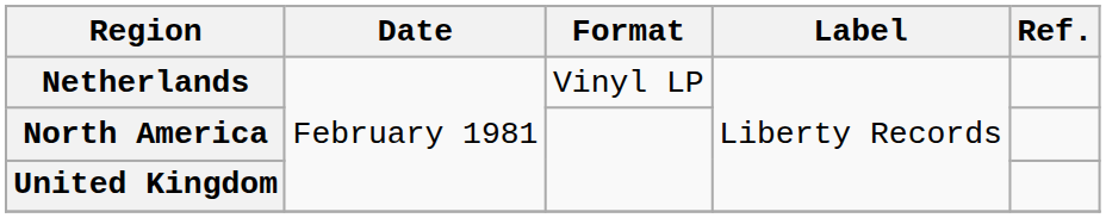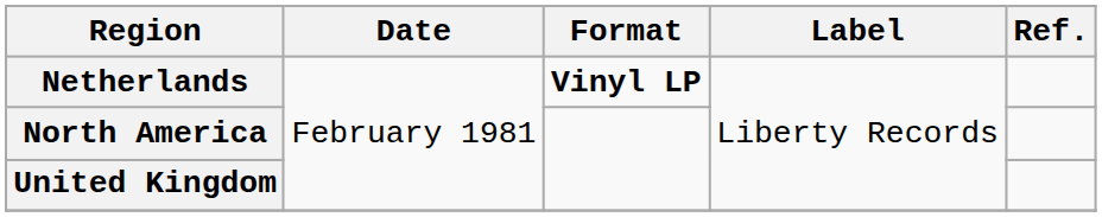 <table class="wikitable plainrowheaders">
 <tr>
 <th scope="col">Region</th>
 <th scope="col">Date</th>
 <th scope="col">Format</th>
 <th scope="col">Label</th>
 <th scope="col">Ref.</th>
 </tr>
 <tr>
 <th scope="row">Netherlands</th>
 <td rowspan="3">February 1981</td>
-<td>Vinyl LP</td>
+<td><strong>Vinyl LP</strong></td>
 <td rowspan="3">Liberty Records</td>
 <td></td>
 </tr>
 <tr>
 <th scope="row">North America</th>
 <td rowspan="2"></td>
 <td></td>
 </tr>
 <tr>
 <th scope="row">United Kingdom</th>
 <td></td>
 </tr>
 <tr>
 </tr>
 </table>
